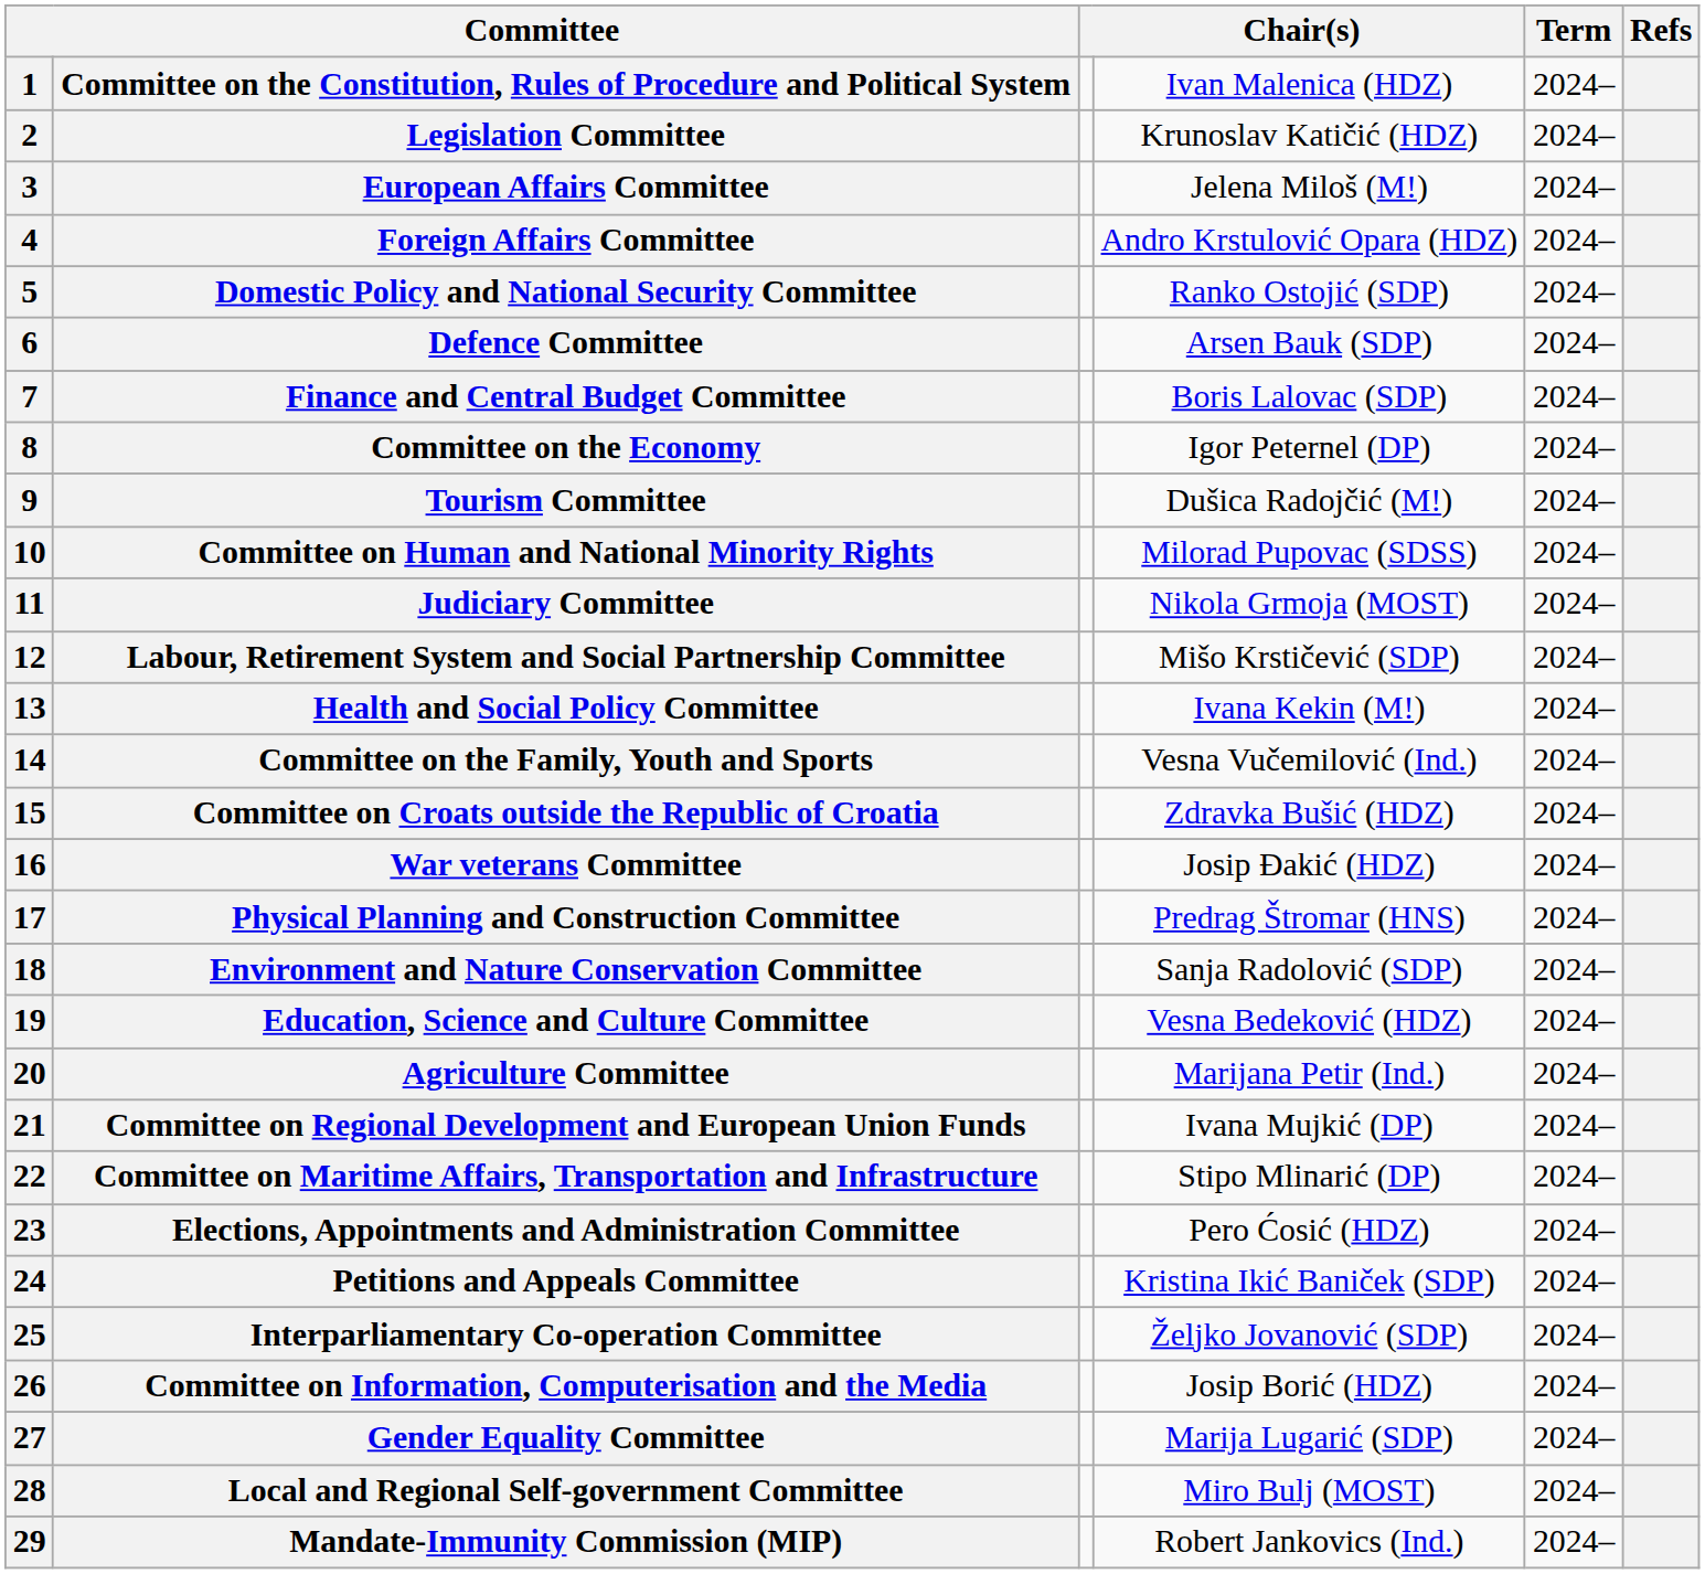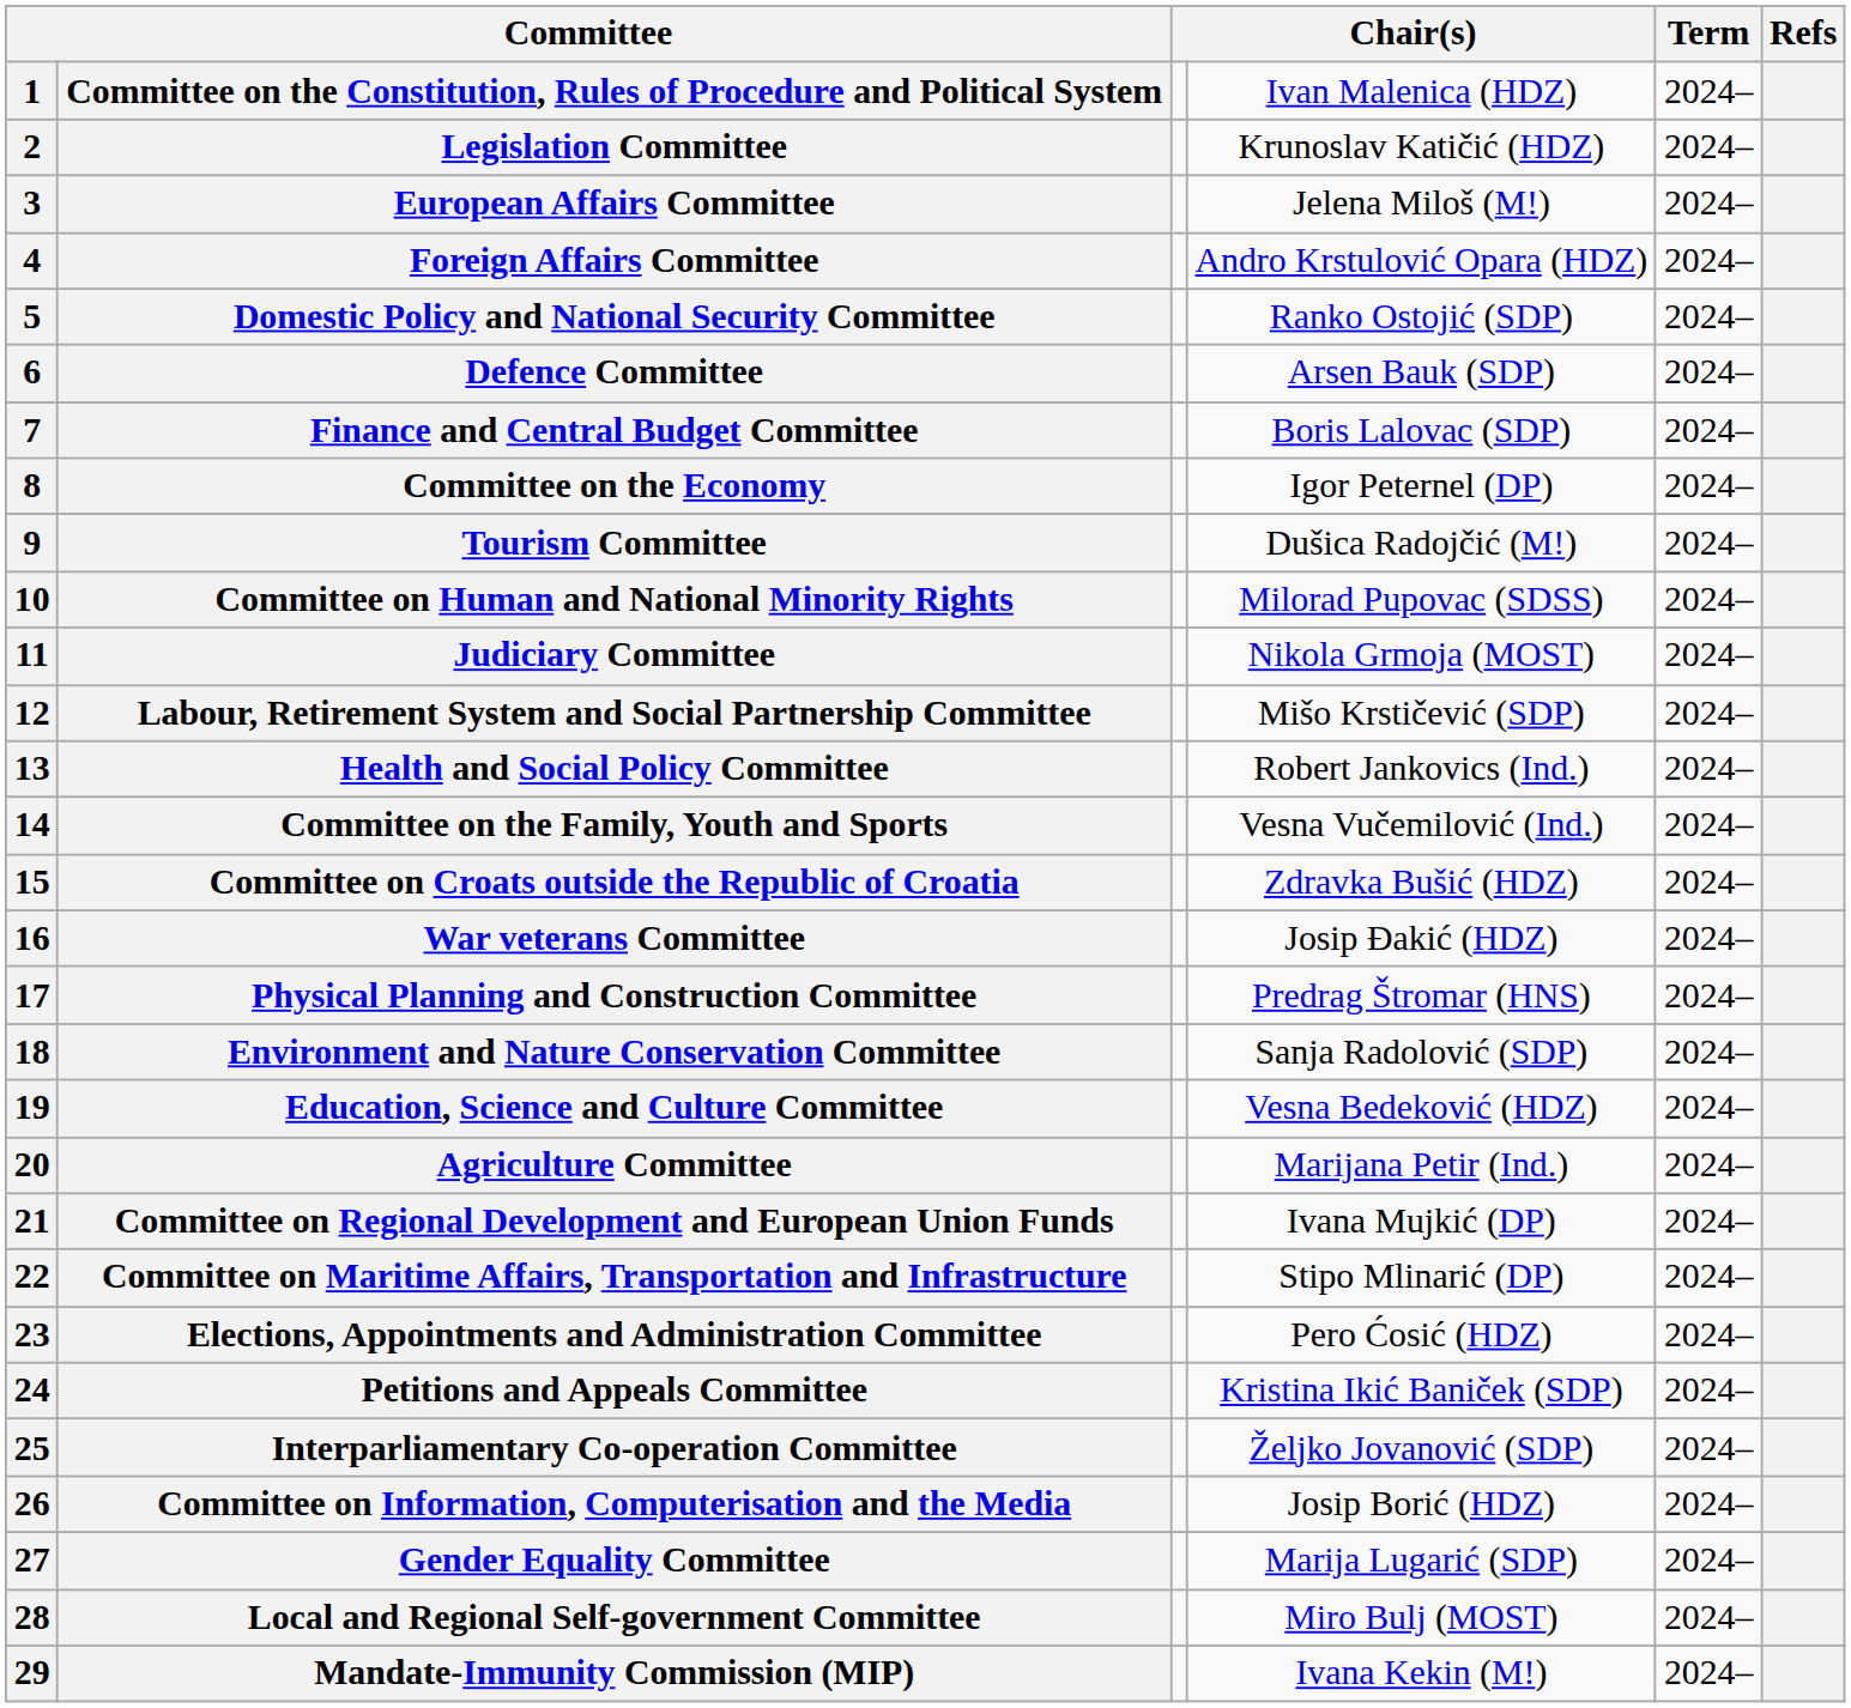 <table class="wikitable mw-collapsible mw-collapsed">
 <tr>
 <th colspan="2">Committee</th>
 <th colspan="2">Chair(s)</th>
 <th>Term</th>
 <th>Refs</th>
 </tr>
 <tr>
 <th>1</th>
 <th>Committee on the <a href='#'>Constitution</a>, <a href='#'>Rules of Procedure</a> and Political System</th>
 <td style="background: "></td>
 <td style="text-align:center;"><a href='#'>Ivan Malenica</a> (<a href='#'>HDZ</a>)</td>
 <td style="text-align:center;">2024–</td>
 <th></th>
 </tr>
 <tr>
 <th>2</th>
 <th><a href='#'>Legislation</a> Committee</th>
 <td style="background: "></td>
 <td style="text-align:center;">Krunoslav Katičić (<a href='#'>HDZ</a>)</td>
 <td style="text-align:center;">2024–</td>
 <th></th>
 </tr>
 <tr>
 <th>3</th>
 <th><a href='#'>European Affairs</a> Committee</th>
 <td style="background: "></td>
 <td style="text-align:center;">Jelena Miloš (<a href='#'>M!</a>)</td>
 <td style="text-align:center;">2024–</td>
 <th></th>
 </tr>
 <tr>
 <th>4</th>
 <th><a href='#'>Foreign Affairs</a> Committee</th>
 <td style="background: "></td>
 <td style="text-align:center;"><a href='#'>Andro Krstulović Opara</a> (<a href='#'>HDZ</a>)</td>
 <td style="text-align:center;">2024–</td>
 <th></th>
 </tr>
 <tr>
 <th>5</th>
 <th><a href='#'>Domestic Policy</a> and <a href='#'>National Security</a> Committee</th>
 <td style="background: "></td>
 <td style="text-align:center;"><a href='#'>Ranko Ostojić</a> (<a href='#'>SDP</a>)</td>
 <td style="text-align:center;">2024–</td>
 <th></th>
 </tr>
 <tr>
 <th>6</th>
 <th><a href='#'>Defence</a> Committee</th>
 <td style="background: "></td>
 <td style="text-align:center;"><a href='#'>Arsen Bauk</a> (<a href='#'>SDP</a>)</td>
 <td style="text-align:center;">2024–</td>
 <th></th>
 </tr>
 <tr>
 <th>7</th>
 <th><a href='#'>Finance</a> and <a href='#'>Central Budget</a> Committee</th>
 <td style="background: "></td>
 <td style="text-align:center;"><a href='#'>Boris Lalovac</a> (<a href='#'>SDP</a>)</td>
 <td style="text-align:center;">2024–</td>
 <th></th>
 </tr>
 <tr>
 <th>8</th>
 <th>Committee on the <a href='#'>Economy</a></th>
 <td style="background: "></td>
 <td style="text-align:center;">Igor Peternel (<a href='#'>DP</a>)</td>
 <td style="text-align:center;">2024–</td>
 <th></th>
 </tr>
 <tr>
 <th>9</th>
 <th><a href='#'>Tourism</a> Committee</th>
 <td style="background: "></td>
 <td style="text-align:center;">Dušica Radojčić (<a href='#'>M!</a>)</td>
 <td style="text-align:center;">2024–</td>
 <th></th>
 </tr>
 <tr>
 <th>10</th>
 <th>Committee on <a href='#'>Human</a> and National <a href='#'>Minority Rights</a></th>
 <td style="background: "></td>
 <td style="text-align:center;"><a href='#'>Milorad Pupovac</a> (<a href='#'>SDSS</a>)</td>
 <td style="text-align:center;">2024–</td>
 <th></th>
 </tr>
 <tr>
 <th>11</th>
 <th><a href='#'>Judiciary</a> Committee</th>
 <td style="background: "></td>
 <td style="text-align:center;"><a href='#'>Nikola Grmoja</a> (<a href='#'>MOST</a>)</td>
 <td style="text-align:center;">2024–</td>
 <th></th>
 </tr>
 <tr>
 <th>12</th>
 <th>Labour, Retirement System and Social Partnership Committee</th>
 <td style="background: "></td>
 <td style="text-align:center;">Mišo Krstičević (<a href='#'>SDP</a>)</td>
 <td style="text-align:center;">2024–</td>
 <th></th>
 </tr>
 <tr>
 <th>13</th>
 <th><a href='#'>Health</a> and <a href='#'>Social Policy</a> Committee</th>
 <td style="background: "></td>
-<td style="text-align:center;"><a href='#'>Ivana Kekin</a> (<a href='#'>M!</a>)</td>
+<td style="text-align:center;">Robert Jankovics (<a href='#'>Ind.</a>)</td>
 <td style="text-align:center;">2024–</td>
 <th></th>
 </tr>
 <tr>
 <th>14</th>
 <th>Committee on the Family, Youth and Sports</th>
 <td style="background: "></td>
 <td style="text-align:center;">Vesna Vučemilović (<a href='#'>Ind.</a>)</td>
 <td style="text-align:center;">2024–</td>
 <th></th>
 </tr>
 <tr>
 <th>15</th>
 <th>Committee on <a href='#'>Croats outside the Republic of Croatia</a></th>
 <td style="background: "></td>
 <td style="text-align:center;"><a href='#'>Zdravka Bušić</a> (<a href='#'>HDZ</a>)</td>
 <td style="text-align:center;">2024–</td>
 <th></th>
 </tr>
 <tr>
 <th>16</th>
 <th><a href='#'>War veterans</a> Committee</th>
 <td style="background: "></td>
 <td style="text-align:center;">Josip Đakić (<a href='#'>HDZ</a>)</td>
 <td style="text-align:center;">2024–</td>
 <th></th>
 </tr>
 <tr>
 <th>17</th>
 <th><a href='#'>Physical Planning</a> and Construction Committee</th>
 <td style="background: "></td>
 <td style="text-align:center;"><a href='#'>Predrag Štromar</a> (<a href='#'>HNS</a>)</td>
 <td style="text-align:center;">2024–</td>
 <th></th>
 </tr>
 <tr>
 <th>18</th>
 <th><a href='#'>Environment</a> and <a href='#'>Nature Conservation</a> Committee</th>
 <td style="background: "></td>
 <td style="text-align:center;">Sanja Radolović (<a href='#'>SDP</a>)</td>
 <td style="text-align:center;">2024–</td>
 <th></th>
 </tr>
 <tr>
 <th>19</th>
 <th><a href='#'>Education</a>, <a href='#'>Science</a> and <a href='#'>Culture</a> Committee</th>
 <td style="background: "></td>
 <td style="text-align:center;"><a href='#'>Vesna Bedeković</a> (<a href='#'>HDZ</a>)</td>
 <td style="text-align:center;">2024–</td>
 <th></th>
 </tr>
 <tr>
 <th>20</th>
 <th><a href='#'>Agriculture</a> Committee</th>
 <td style="background: "></td>
 <td style="text-align:center;"><a href='#'>Marijana Petir</a> (<a href='#'>Ind.</a>)</td>
 <td style="text-align:center;">2024–</td>
 <th></th>
 </tr>
 <tr>
 <th>21</th>
 <th>Committee on <a href='#'>Regional Development</a> and European Union Funds</th>
 <td style="background: "></td>
 <td style="text-align:center;">Ivana Mujkić (<a href='#'>DP</a>)</td>
 <td style="text-align:center;">2024–</td>
 <th></th>
 </tr>
 <tr>
 <th>22</th>
 <th>Committee on <a href='#'>Maritime Affairs</a>, <a href='#'>Transportation</a> and <a href='#'>Infrastructure</a></th>
 <td style="background: "></td>
 <td style="text-align:center;">Stipo Mlinarić (<a href='#'>DP</a>)</td>
 <td style="text-align:center;">2024–</td>
 <th></th>
 </tr>
 <tr>
 <th>23</th>
 <th>Elections, Appointments and Administration Committee</th>
 <td style="background: "></td>
 <td style="text-align:center;">Pero Ćosić (<a href='#'>HDZ</a>)</td>
 <td style="text-align:center;">2024–</td>
 <th></th>
 </tr>
 <tr>
 <th>24</th>
 <th>Petitions and Appeals Committee</th>
 <td style="background: "></td>
 <td style="text-align:center;"><a href='#'>Kristina Ikić Baniček</a> (<a href='#'>SDP</a>)</td>
 <td style="text-align:center;">2024–</td>
 <th></th>
 </tr>
 <tr>
 <th>25</th>
 <th>Interparliamentary Co-operation Committee</th>
 <td style="background: "></td>
 <td style="text-align:center;"><a href='#'>Željko Jovanović</a> (<a href='#'>SDP</a>)</td>
 <td style="text-align:center;">2024–</td>
 <th></th>
 </tr>
 <tr>
 <th>26</th>
 <th>Committee on <a href='#'>Information</a>, <a href='#'>Computerisation</a> and <a href='#'>the Media</a></th>
 <td style="background: "></td>
 <td style="text-align:center;">Josip Borić (<a href='#'>HDZ</a>)</td>
 <td style="text-align:center;">2024–</td>
 <th></th>
 </tr>
 <tr>
 <th>27</th>
 <th><a href='#'>Gender Equality</a> Committee</th>
 <td style="background: "></td>
 <td style="text-align:center;"><a href='#'>Marija Lugarić</a> (<a href='#'>SDP</a>)</td>
 <td style="text-align:center;">2024–</td>
 <th></th>
 </tr>
 <tr>
 <th>28</th>
 <th>Local and Regional Self-government Committee</th>
 <td style="background: "></td>
 <td style="text-align:center;"><a href='#'>Miro Bulj</a> (<a href='#'>MOST</a>)</td>
 <td style="text-align:center;">2024–</td>
 <th></th>
 </tr>
 <tr>
 <th>29</th>
 <th>Mandate-<a href='#'>Immunity</a> Commission (MIP)</th>
 <td style="background: "></td>
-<td style="text-align:center;">Robert Jankovics (<a href='#'>Ind.</a>)</td>
+<td style="text-align:center;"><a href='#'>Ivana Kekin</a> (<a href='#'>M!</a>)</td>
 <td style="text-align:center;">2024–</td>
 <th></th>
 </tr>
 </table>
